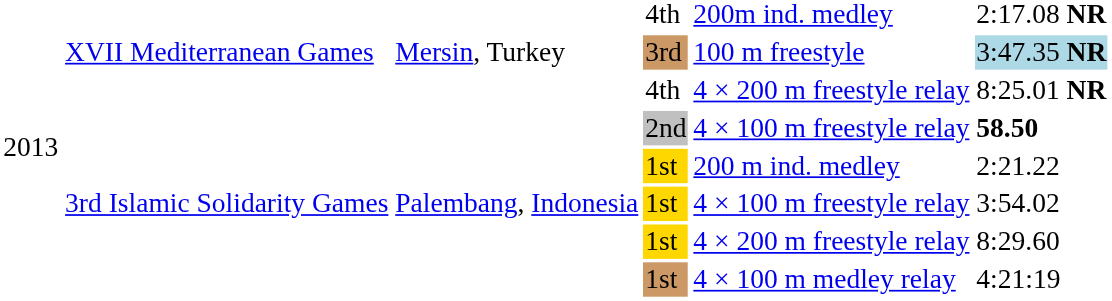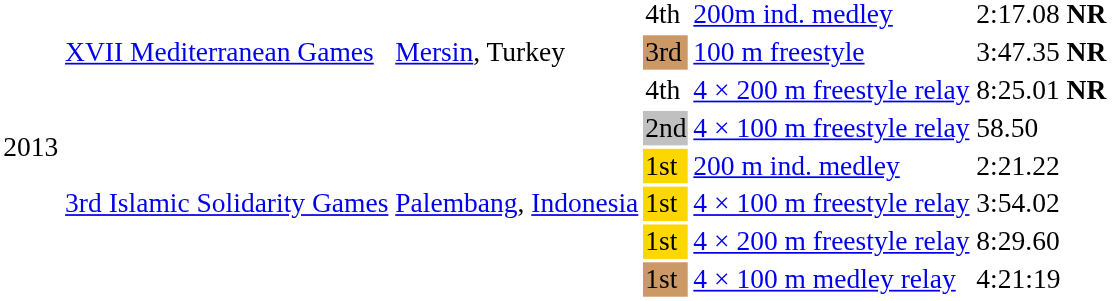 <table>
 <tr>
 <td rowspan=8>2013</td>
 <td rowspan=3><a href='#'>XVII Mediterranean Games</a></td>
 <td rowspan=3><a href='#'>Mersin</a>, Turkey</td>
 <td bgcolor=>4th</td>
 <td><a href='#'>200m ind. medley</a></td>
 <td>2:17.08 <strong>NR</strong></td>
 </tr>
 <tr>
 <td bgcolor=cc9966>3rd</td>
 <td><a href='#'>100 m freestyle</a></td>
-<td style="background: lightblue;">3:47.35 <strong>NR</strong></td>
+<td>3:47.35 <strong>NR</strong></td>
 </tr>
 <tr>
 <td bgcolor=>4th</td>
 <td><a href='#'>4 × 200 m freestyle relay</a></td>
 <td>8:25.01  <strong>NR</strong></td>
 </tr>
 <tr>
 <td rowspan=5><a href='#'>3rd Islamic Solidarity Games</a></td>
 <td rowspan=5><a href='#'>Palembang</a>, <a href='#'>Indonesia</a></td>
 <td bgcolor=silver>2nd</td>
 <td><a href='#'>4 × 100 m freestyle relay</a></td>
-<td><strong>58.50</strong></td>
+<td>58.50</td>
 </tr>
 <tr>
 <td bgcolor=gold>1st</td>
 <td><a href='#'>200 m ind. medley</a></td>
 <td>2:21.22</td>
 </tr>
 <tr>
 <td bgcolor=gold>1st</td>
 <td><a href='#'>4 × 100 m freestyle relay</a></td>
 <td>3:54.02</td>
 </tr>
 <tr>
 <td bgcolor=gold>1st</td>
 <td><a href='#'>4 × 200 m freestyle relay</a></td>
 <td>8:29.60</td>
 </tr>
 <tr>
 <td bgcolor=cc9966>1st</td>
 <td><a href='#'>4 × 100 m medley relay</a></td>
 <td>4:21:19</td>
 </tr>
 </table>
